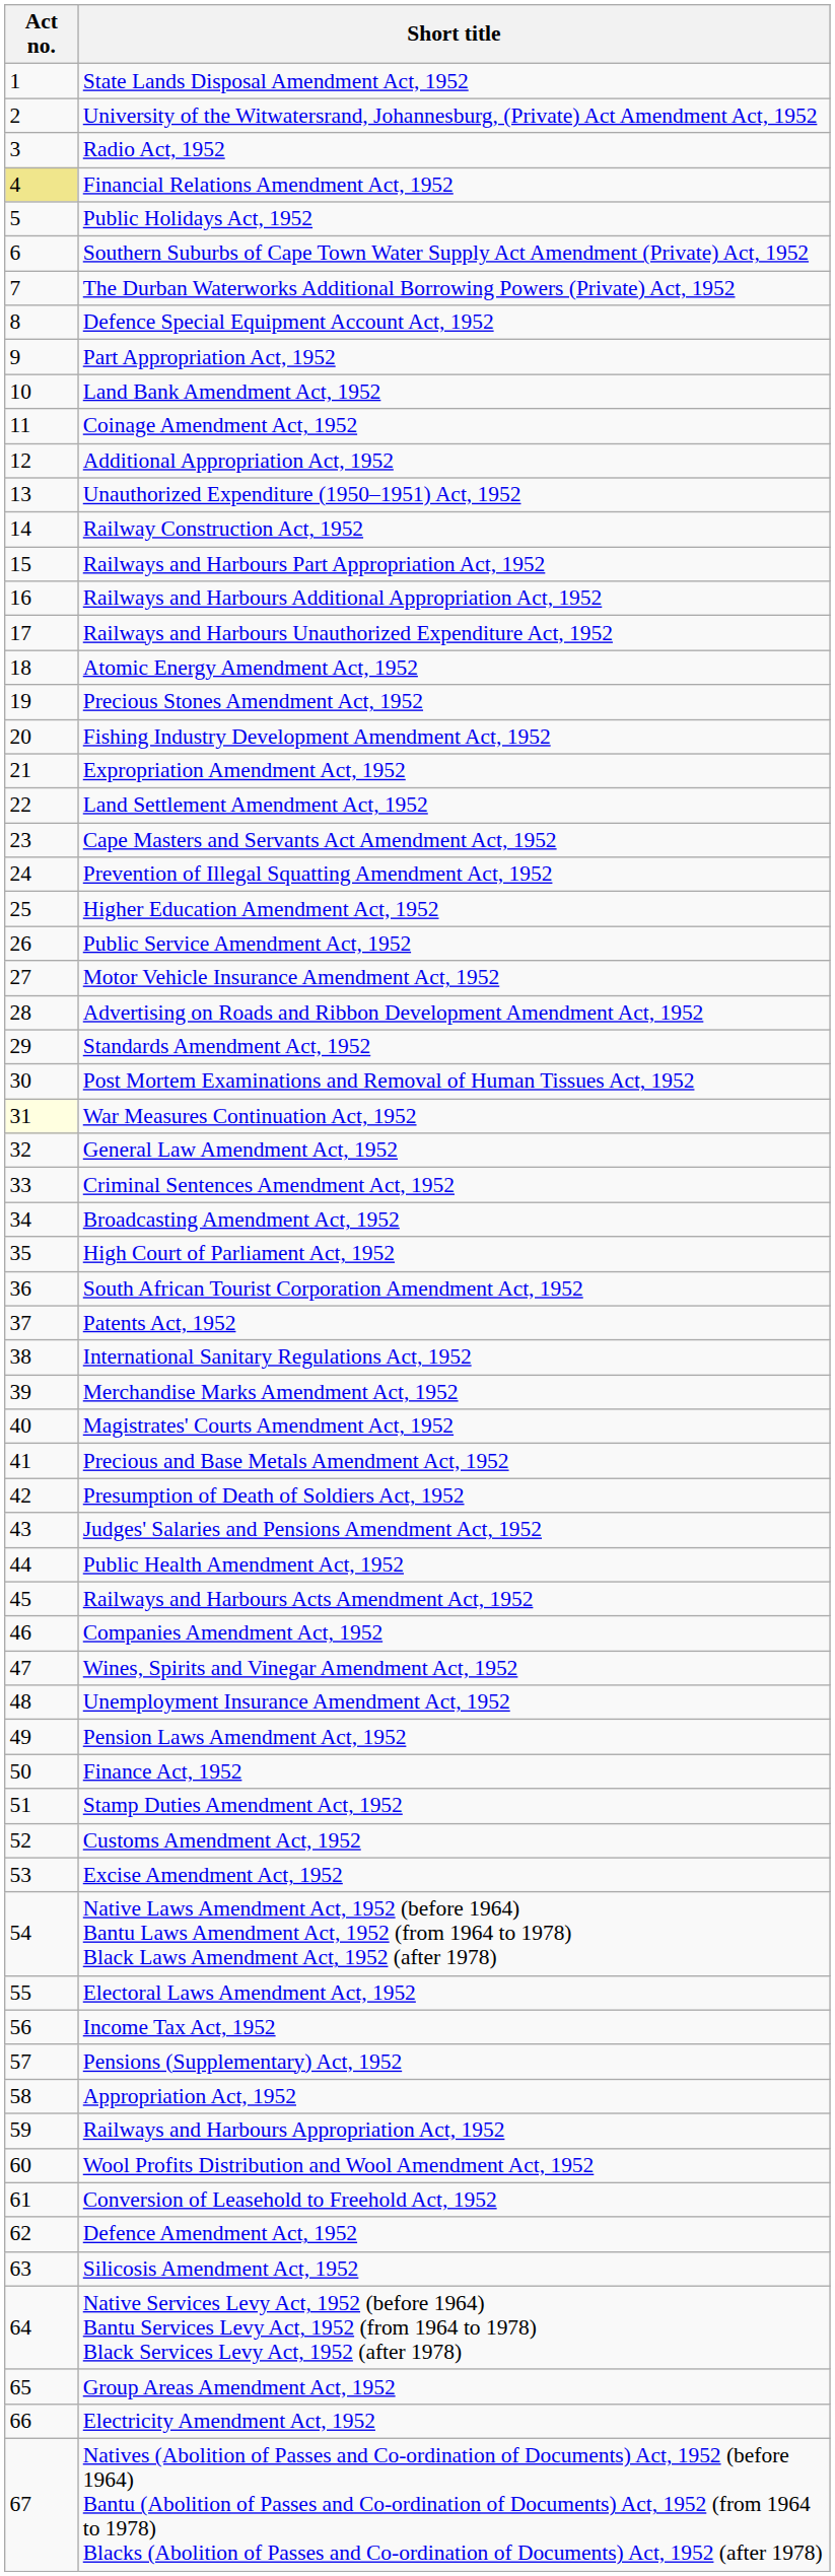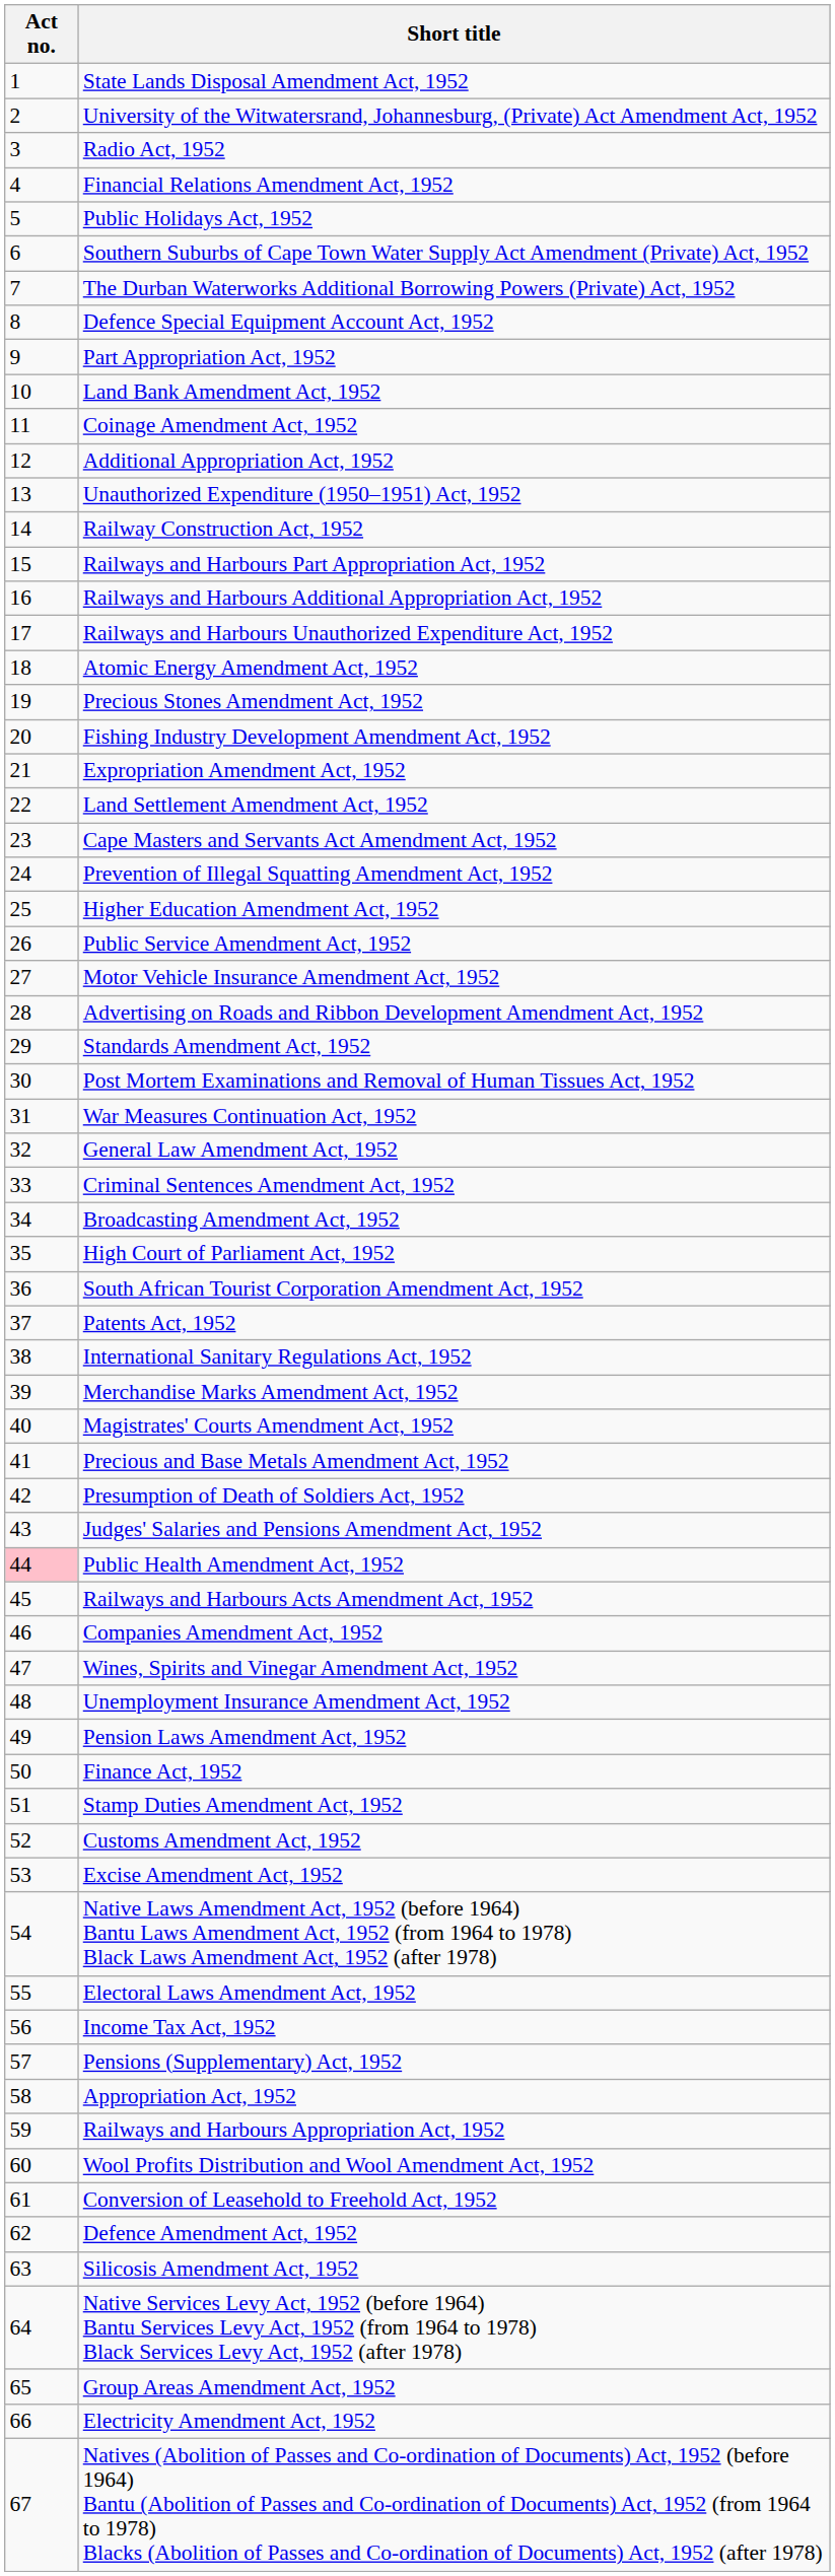 <table class="wikitable sortable">
 <tr>
 <th>Act no.</th>
 <th>Short title</th>
 </tr>
 <tr>
 <td>1</td>
 <td><a href='#'>State Lands Disposal Amendment Act, 1952</a></td>
 </tr>
 <tr>
 <td>2</td>
 <td><a href='#'>University of the Witwatersrand, Johannesburg, (Private) Act Amendment Act, 1952</a></td>
 </tr>
 <tr>
 <td>3</td>
 <td><a href='#'>Radio Act, 1952</a></td>
 </tr>
 <tr>
-<td style="background: khaki;">4</td>
+<td>4</td>
 <td><a href='#'>Financial Relations Amendment Act, 1952</a></td>
 </tr>
 <tr>
 <td>5</td>
 <td><a href='#'>Public Holidays Act, 1952</a></td>
 </tr>
 <tr>
 <td>6</td>
 <td><a href='#'>Southern Suburbs of Cape Town Water Supply Act Amendment (Private) Act, 1952</a></td>
 </tr>
 <tr>
 <td>7</td>
 <td><a href='#'>The Durban Waterworks Additional Borrowing Powers (Private) Act, 1952</a></td>
 </tr>
 <tr>
 <td>8</td>
 <td><a href='#'>Defence Special Equipment Account Act, 1952</a></td>
 </tr>
 <tr>
 <td>9</td>
 <td><a href='#'>Part Appropriation Act, 1952</a></td>
 </tr>
 <tr>
 <td>10</td>
 <td><a href='#'>Land Bank Amendment Act, 1952</a></td>
 </tr>
 <tr>
 <td>11</td>
 <td><a href='#'>Coinage Amendment Act, 1952</a></td>
 </tr>
 <tr>
 <td>12</td>
 <td><a href='#'>Additional Appropriation Act, 1952</a></td>
 </tr>
 <tr>
 <td>13</td>
 <td><a href='#'>Unauthorized Expenditure (1950–1951) Act, 1952</a></td>
 </tr>
 <tr>
 <td>14</td>
 <td><a href='#'>Railway Construction Act, 1952</a></td>
 </tr>
 <tr>
 <td>15</td>
 <td><a href='#'>Railways and Harbours Part Appropriation Act, 1952</a></td>
 </tr>
 <tr>
 <td>16</td>
 <td><a href='#'>Railways and Harbours Additional Appropriation Act, 1952</a></td>
 </tr>
 <tr>
 <td>17</td>
 <td><a href='#'>Railways and Harbours Unauthorized Expenditure Act, 1952</a></td>
 </tr>
 <tr>
 <td>18</td>
 <td><a href='#'>Atomic Energy Amendment Act, 1952</a></td>
 </tr>
 <tr>
 <td>19</td>
 <td><a href='#'>Precious Stones Amendment Act, 1952</a></td>
 </tr>
 <tr>
 <td>20</td>
 <td><a href='#'>Fishing Industry Development Amendment Act, 1952</a></td>
 </tr>
 <tr>
 <td>21</td>
 <td><a href='#'>Expropriation Amendment Act, 1952</a></td>
 </tr>
 <tr>
 <td>22</td>
 <td><a href='#'>Land Settlement Amendment Act, 1952</a></td>
 </tr>
 <tr>
 <td>23</td>
 <td><a href='#'>Cape Masters and Servants Act Amendment Act, 1952</a></td>
 </tr>
 <tr>
 <td>24</td>
 <td><a href='#'>Prevention of Illegal Squatting Amendment Act, 1952</a></td>
 </tr>
 <tr>
 <td>25</td>
 <td><a href='#'>Higher Education Amendment Act, 1952</a></td>
 </tr>
 <tr>
 <td>26</td>
 <td><a href='#'>Public Service Amendment Act, 1952</a></td>
 </tr>
 <tr>
 <td>27</td>
 <td><a href='#'>Motor Vehicle Insurance Amendment Act, 1952</a></td>
 </tr>
 <tr>
 <td>28</td>
 <td><a href='#'>Advertising on Roads and Ribbon Development Amendment Act, 1952</a></td>
 </tr>
 <tr>
 <td>29</td>
 <td><a href='#'>Standards Amendment Act, 1952</a></td>
 </tr>
 <tr>
 <td>30</td>
 <td><a href='#'>Post Mortem Examinations and Removal of Human Tissues Act, 1952</a></td>
 </tr>
 <tr>
-<td style="background: lightyellow;">31</td>
+<td>31</td>
 <td><a href='#'>War Measures Continuation Act, 1952</a></td>
 </tr>
 <tr>
 <td>32</td>
 <td><a href='#'>General Law Amendment Act, 1952</a></td>
 </tr>
 <tr>
 <td>33</td>
 <td><a href='#'>Criminal Sentences Amendment Act, 1952</a></td>
 </tr>
 <tr>
 <td>34</td>
 <td><a href='#'>Broadcasting Amendment Act, 1952</a></td>
 </tr>
 <tr>
 <td>35</td>
 <td><a href='#'>High Court of Parliament Act, 1952</a></td>
 </tr>
 <tr>
 <td>36</td>
 <td><a href='#'>South African Tourist Corporation Amendment Act, 1952</a></td>
 </tr>
 <tr>
 <td>37</td>
 <td><a href='#'>Patents Act, 1952</a></td>
 </tr>
 <tr>
 <td>38</td>
 <td><a href='#'>International Sanitary Regulations Act, 1952</a></td>
 </tr>
 <tr>
 <td>39</td>
 <td><a href='#'>Merchandise Marks Amendment Act, 1952</a></td>
 </tr>
 <tr>
 <td>40</td>
 <td><a href='#'>Magistrates' Courts Amendment Act, 1952</a></td>
 </tr>
 <tr>
 <td>41</td>
 <td><a href='#'>Precious and Base Metals Amendment Act, 1952</a></td>
 </tr>
 <tr>
 <td>42</td>
 <td><a href='#'>Presumption of Death of Soldiers Act, 1952</a></td>
 </tr>
 <tr>
 <td>43</td>
 <td><a href='#'>Judges' Salaries and Pensions Amendment Act, 1952</a></td>
 </tr>
 <tr>
-<td>44</td>
+<td style="background: pink;">44</td>
 <td><a href='#'>Public Health Amendment Act, 1952</a></td>
 </tr>
 <tr>
 <td>45</td>
 <td><a href='#'>Railways and Harbours Acts Amendment Act, 1952</a></td>
 </tr>
 <tr>
 <td>46</td>
 <td><a href='#'>Companies Amendment Act, 1952</a></td>
 </tr>
 <tr>
 <td>47</td>
 <td><a href='#'>Wines, Spirits and Vinegar Amendment Act, 1952</a></td>
 </tr>
 <tr>
 <td>48</td>
 <td><a href='#'>Unemployment Insurance Amendment Act, 1952</a></td>
 </tr>
 <tr>
 <td>49</td>
 <td><a href='#'>Pension Laws Amendment Act, 1952</a></td>
 </tr>
 <tr>
 <td>50</td>
 <td><a href='#'>Finance Act, 1952</a></td>
 </tr>
 <tr>
 <td>51</td>
 <td><a href='#'>Stamp Duties Amendment Act, 1952</a></td>
 </tr>
 <tr>
 <td>52</td>
 <td><a href='#'>Customs Amendment Act, 1952</a></td>
 </tr>
 <tr>
 <td>53</td>
 <td><a href='#'>Excise Amendment Act, 1952</a></td>
 </tr>
 <tr>
 <td>54</td>
 <td><a href='#'>Native Laws Amendment Act, 1952</a> (before 1964) <br><a href='#'>Bantu Laws Amendment Act, 1952</a> (from 1964 to 1978) <br><a href='#'>Black Laws Amendment Act, 1952</a> (after 1978)</td>
 </tr>
 <tr>
 <td>55</td>
 <td><a href='#'>Electoral Laws Amendment Act, 1952</a></td>
 </tr>
 <tr>
 <td>56</td>
 <td><a href='#'>Income Tax Act, 1952</a></td>
 </tr>
 <tr>
 <td>57</td>
 <td><a href='#'>Pensions (Supplementary) Act, 1952</a></td>
 </tr>
 <tr>
 <td>58</td>
 <td><a href='#'>Appropriation Act, 1952</a></td>
 </tr>
 <tr>
 <td>59</td>
 <td><a href='#'>Railways and Harbours Appropriation Act, 1952</a></td>
 </tr>
 <tr>
 <td>60</td>
 <td><a href='#'>Wool Profits Distribution and Wool Amendment Act, 1952</a></td>
 </tr>
 <tr>
 <td>61</td>
 <td><a href='#'>Conversion of Leasehold to Freehold Act, 1952</a></td>
 </tr>
 <tr>
 <td>62</td>
 <td><a href='#'>Defence Amendment Act, 1952</a></td>
 </tr>
 <tr>
 <td>63</td>
 <td><a href='#'>Silicosis Amendment Act, 1952</a></td>
 </tr>
 <tr>
 <td>64</td>
 <td><a href='#'>Native Services Levy Act, 1952</a> (before 1964) <br><a href='#'>Bantu Services Levy Act, 1952</a> (from 1964 to 1978) <br><a href='#'>Black Services Levy Act, 1952</a> (after 1978)</td>
 </tr>
 <tr>
 <td>65</td>
 <td><a href='#'>Group Areas Amendment Act, 1952</a></td>
 </tr>
 <tr>
 <td>66</td>
 <td><a href='#'>Electricity Amendment Act, 1952</a></td>
 </tr>
 <tr>
 <td>67</td>
 <td><a href='#'>Natives (Abolition of Passes and Co-ordination of Documents) Act, 1952</a> (before 1964) <br><a href='#'>Bantu (Abolition of Passes and Co-ordination of Documents) Act, 1952</a> (from 1964 to 1978) <br><a href='#'>Blacks (Abolition of Passes and Co-ordination of Documents) Act, 1952</a> (after 1978)</td>
 </tr>
 </table>
